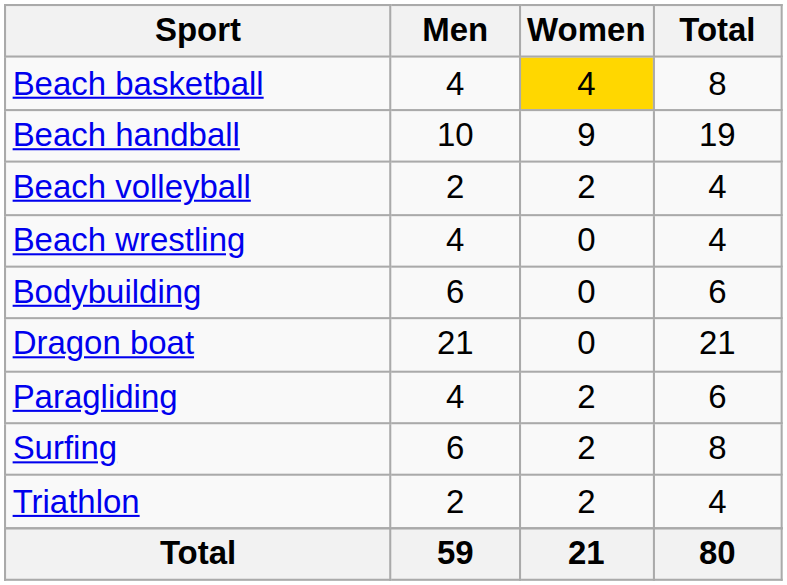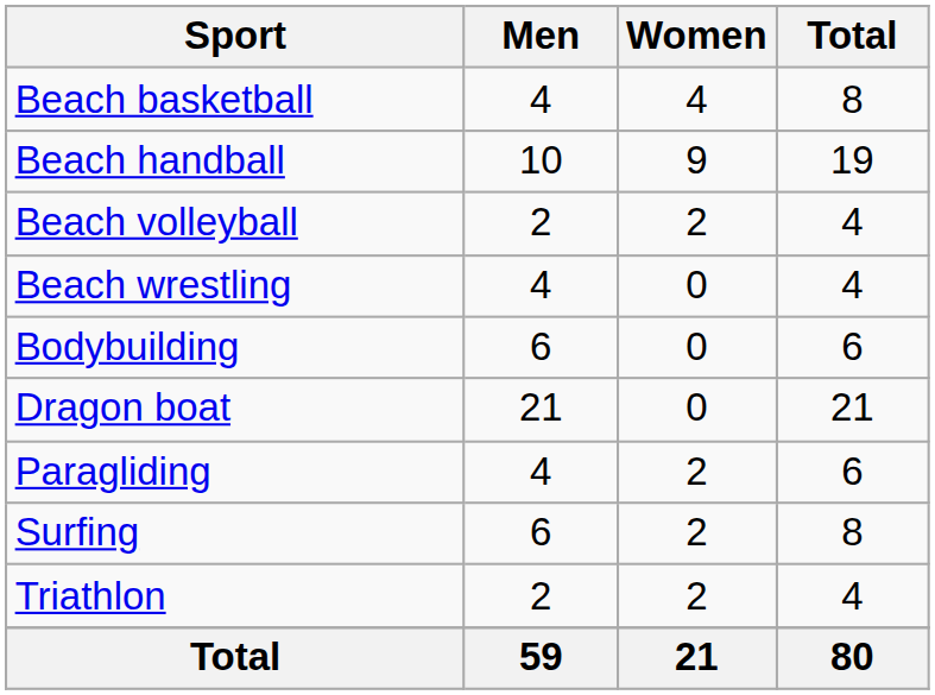 <table class="wikitable sortable" style="text-align:center;">
 <tr>
 <th width=180>Sport</th>
 <th width=55>Men</th>
 <th width=55>Women</th>
 <th width=55>Total</th>
 </tr>
 <tr>
 <td align=left><a href='#'>Beach basketball</a></td>
 <td>4</td>
-<td style="background: gold;">4</td>
+<td>4</td>
 <td>8</td>
 </tr>
 <tr>
 <td align=left><a href='#'>Beach handball</a></td>
 <td>10</td>
 <td>9</td>
 <td>19</td>
 </tr>
 <tr>
 <td align=left><a href='#'>Beach volleyball</a></td>
 <td>2</td>
 <td>2</td>
 <td>4</td>
 </tr>
 <tr>
 <td align=left><a href='#'>Beach wrestling</a></td>
 <td>4</td>
 <td>0</td>
 <td>4</td>
 </tr>
 <tr>
 <td align=left><a href='#'>Bodybuilding</a></td>
 <td>6</td>
 <td>0</td>
 <td>6</td>
 </tr>
 <tr>
 <td align=left><a href='#'>Dragon boat</a></td>
 <td>21</td>
 <td>0</td>
 <td>21</td>
 </tr>
 <tr>
 <td align=left><a href='#'>Paragliding</a></td>
 <td>4</td>
 <td>2</td>
 <td>6</td>
 </tr>
 <tr>
 <td align=left><a href='#'>Surfing</a></td>
 <td>6</td>
 <td>2</td>
 <td>8</td>
 </tr>
 <tr>
 <td align=left><a href='#'>Triathlon</a></td>
 <td>2</td>
 <td>2</td>
 <td>4</td>
 </tr>
 <tr>
 </tr>
 <tr class="sortbottom">
 <th>Total</th>
 <th>59</th>
 <th>21</th>
 <th>80</th>
 </tr>
 </table>
